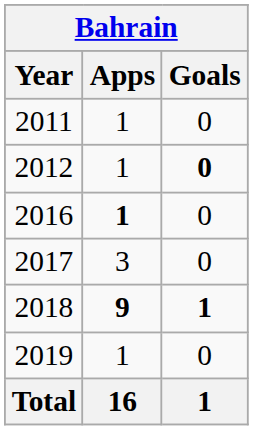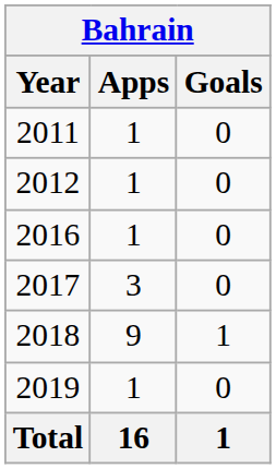 <table class="wikitable" style="text-align:center">
 <tr>
 <th colspan=3><a href='#'>Bahrain</a></th>
 </tr>
 <tr>
 <th>Year</th>
 <th>Apps</th>
 <th>Goals</th>
 </tr>
 <tr>
 <td>2011</td>
 <td>1</td>
 <td>0</td>
 </tr>
 <tr>
 <td>2012</td>
 <td>1</td>
-<td><strong>0</strong></td>
+<td>0</td>
 </tr>
 <tr>
 <td>2016</td>
-<td><strong>1</strong></td>
+<td>1</td>
 <td>0</td>
 </tr>
 <tr>
 <td>2017</td>
 <td>3</td>
 <td>0</td>
 </tr>
 <tr>
 <td>2018</td>
-<td><strong>9</strong></td>
-<td><strong>1</strong></td>
+<td>9</td>
+<td>1</td>
 </tr>
 <tr>
 <td>2019</td>
 <td>1</td>
 <td>0</td>
 </tr>
 <tr>
 <th>Total</th>
 <th>16</th>
 <th>1</th>
 </tr>
 </table>
